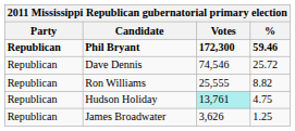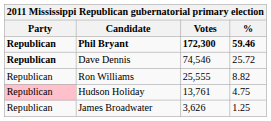 <table class="wikitable">
 <tr>
 <th colspan="4">2011 Mississippi Republican gubernatorial primary election</th>
 </tr>
 <tr>
 <th>Party</th>
 <th>Candidate</th>
 <th>Votes</th>
 <th>%</th>
 </tr>
 <tr>
 <td><strong>Republican</strong></td>
 <td><strong>Phil Bryant</strong></td>
 <td><strong>172,300</strong></td>
 <td><strong>59.46</strong></td>
 </tr>
 <tr>
-<td>Republican</td>
+<td><strong>Republican</strong></td>
 <td>Dave Dennis</td>
 <td>74,546</td>
 <td>25.72</td>
 </tr>
 <tr>
 <td>Republican</td>
 <td>Ron Williams</td>
 <td>25,555</td>
 <td>8.82</td>
 </tr>
 <tr>
-<td>Republican</td>
+<td style="background: pink;">Republican</td>
 <td>Hudson Holiday</td>
-<td style="background: paleturquoise;">13,761</td>
+<td>13,761</td>
 <td>4.75</td>
 </tr>
 <tr>
 <td>Republican</td>
 <td>James Broadwater</td>
 <td>3,626</td>
 <td>1.25</td>
 </tr>
 </table>
